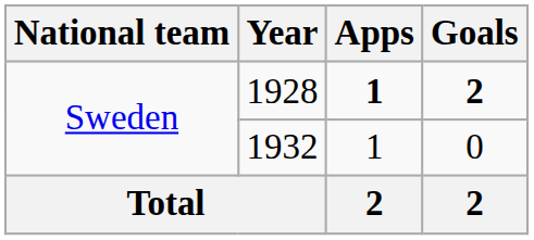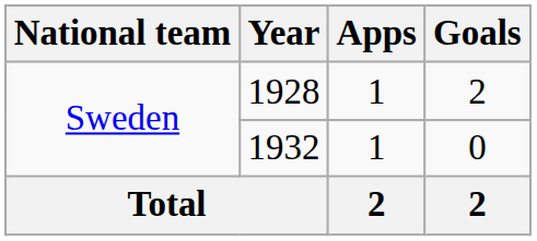 <table class=wikitable style=text-align:center>
 <tr>
 <th>National team</th>
 <th>Year</th>
 <th>Apps</th>
 <th>Goals</th>
 </tr>
 <tr>
 <td rowspan="2"><a href='#'>Sweden</a></td>
 <td>1928</td>
-<td><strong>1</strong></td>
-<td><strong>2</strong></td>
+<td>1</td>
+<td>2</td>
 </tr>
 <tr>
 <td>1932</td>
 <td>1</td>
 <td>0</td>
 </tr>
 <tr>
 <th colspan="2">Total</th>
 <th>2</th>
 <th>2</th>
 </tr>
 </table>
